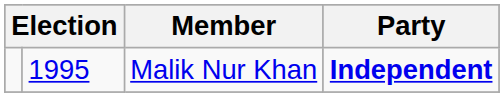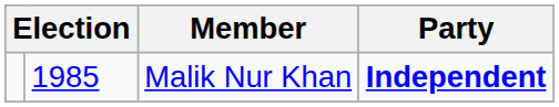 <table class="wikitable">
 <tr>
 <th colspan="2">Election</th>
 <th>Member</th>
 <th>Party</th>
 </tr>
 <tr>
 <td style="background-color: "></td>
-<td><a href='#'>1995</a></td>
+<td><a href='#'>1985</a></td>
 <td><a href='#'>Malik Nur Khan</a></td>
 <td><strong><a href='#'>Independent</a></strong></td>
 </tr>
 </table>
